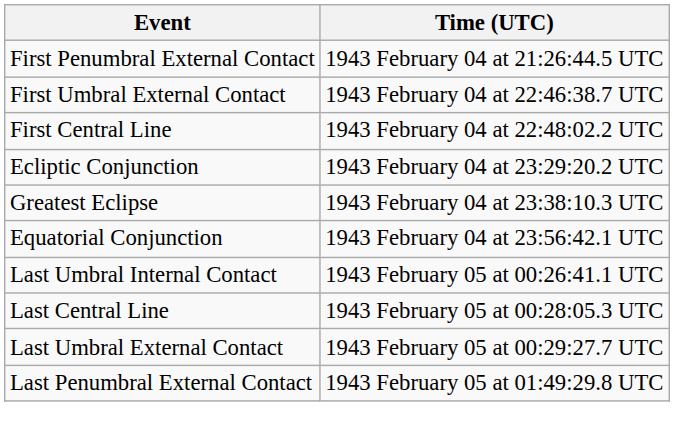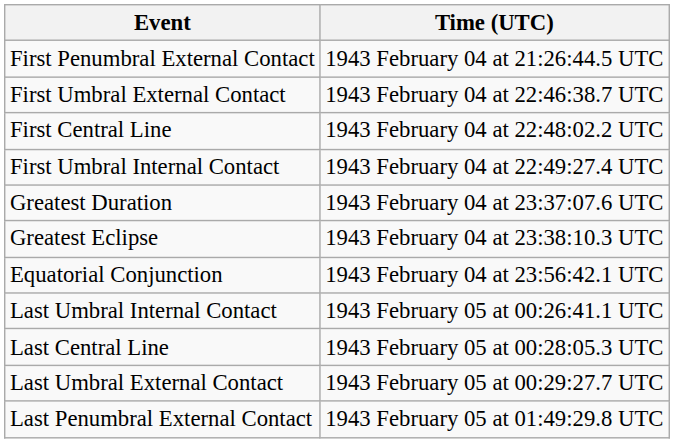 <table class="wikitable">
 <tr>
 <th>Event</th>
 <th>Time (UTC)</th>
 </tr>
 <tr>
 <td>First Penumbral External Contact</td>
 <td>1943 February 04 at 21:26:44.5 UTC</td>
 </tr>
 <tr>
 <td>First Umbral External Contact</td>
 <td>1943 February 04 at 22:46:38.7 UTC</td>
 </tr>
 <tr>
 <td>First Central Line</td>
 <td>1943 February 04 at 22:48:02.2 UTC</td>
 </tr>
 <tr>
-<td>Ecliptic Conjunction</td>
-<td>1943 February 04 at 23:29:20.2 UTC</td>
+<td>First Umbral Internal Contact</td>
+<td>1943 February 04 at 22:49:27.4 UTC</td>
+</tr>
+<tr>
+<td>Greatest Duration</td>
+<td>1943 February 04 at 23:37:07.6 UTC</td>
 </tr>
 <tr>
 <td>Greatest Eclipse</td>
 <td>1943 February 04 at 23:38:10.3 UTC</td>
 </tr>
 <tr>
 <td>Equatorial Conjunction</td>
 <td>1943 February 04 at 23:56:42.1 UTC</td>
 </tr>
 <tr>
 <td>Last Umbral Internal Contact</td>
 <td>1943 February 05 at 00:26:41.1 UTC</td>
 </tr>
 <tr>
 <td>Last Central Line</td>
 <td>1943 February 05 at 00:28:05.3 UTC</td>
 </tr>
 <tr>
 <td>Last Umbral External Contact</td>
 <td>1943 February 05 at 00:29:27.7 UTC</td>
 </tr>
 <tr>
 <td>Last Penumbral External Contact</td>
 <td>1943 February 05 at 01:49:29.8 UTC</td>
 </tr>
 </table>
